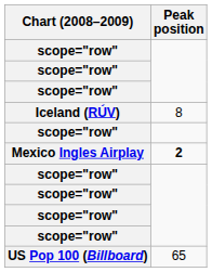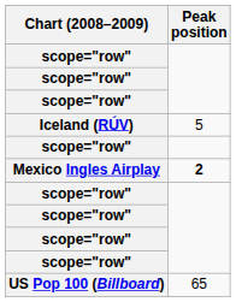 <table class="wikitable sortable plainrowheaders">
 <tr>
 <th>Chart (2008–2009)</th>
 <th>Peak<br>position</th>
 </tr>
 <tr>
 <th>scope="row" </th>
 </tr>
 <tr>
 <th>scope="row" </th>
 </tr>
 <tr>
 <th>scope="row" </th>
 </tr>
 <tr>
 <th scope="row">Iceland (<a href='#'>RÚV</a>)</th>
-<td style="text-align:center;">8</td>
+<td style="text-align:center;">5</td>
 </tr>
 <tr>
 <th>scope="row" </th>
 </tr>
 <tr>
 <th scope="row">Mexico <a href='#'>Ingles Airplay</a></th>
 <td style="text-align:center;"><strong>2</strong></td>
 </tr>
 <tr>
 <th>scope="row" </th>
 </tr>
 <tr>
 <th>scope="row" </th>
 </tr>
 <tr>
 <th>scope="row" </th>
 </tr>
 <tr>
 <th>scope="row" </th>
 </tr>
 <tr>
 <th scope="row">US <a href='#'>Pop 100</a> (<em><a href='#'>Billboard</a></em>)</th>
 <td style="text-align:center;">65</td>
 </tr>
 </table>
